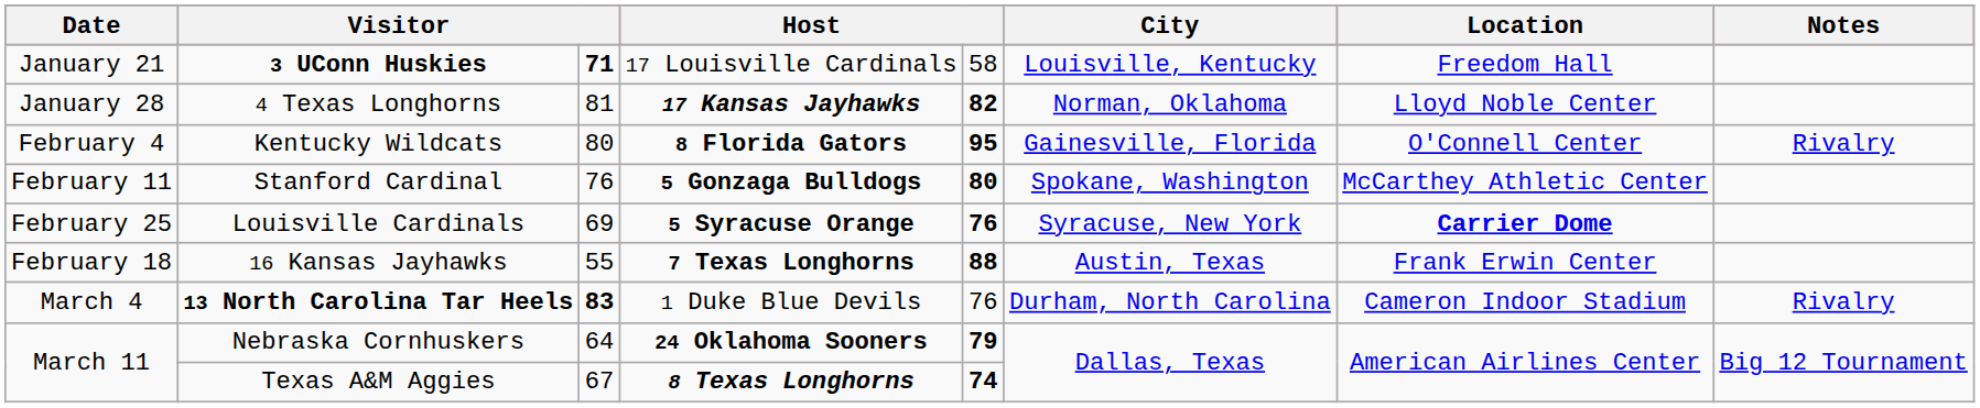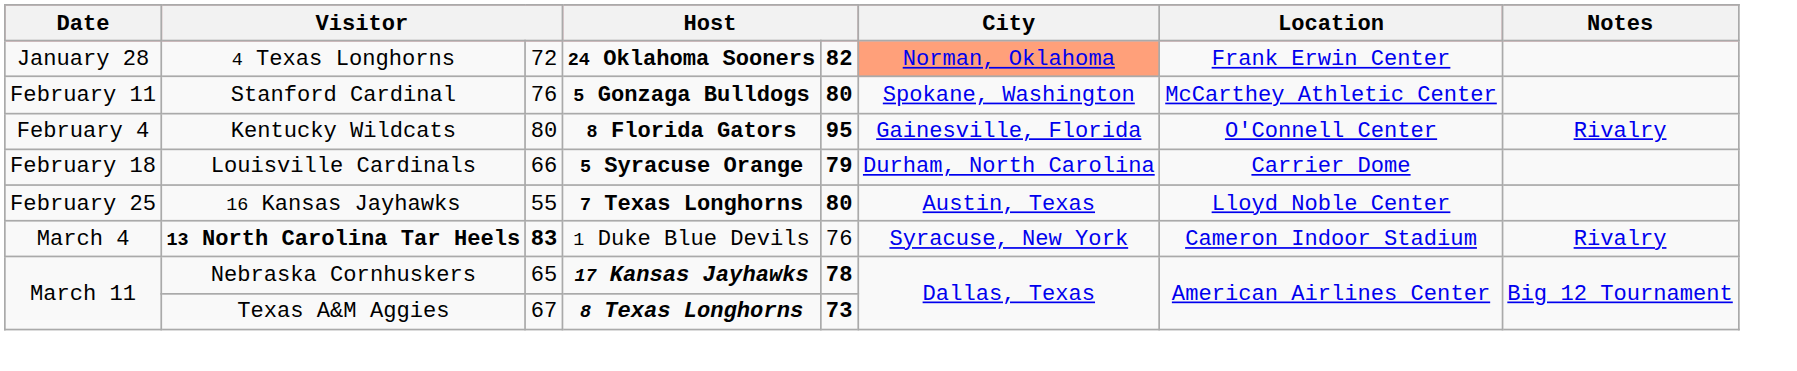 <table class="wikitable" style="text-align:center">
 <tr style="background:#A32638;"|>
 <th>Date</th>
 <th colspan=2>Visitor</th>
 <th colspan=2>Host</th>
 <th>City</th>
 <th>Location</th>
 <th>Notes</th>
 </tr>
 <tr>
-<td>January 21</td>
-<td><strong><small>3</small> UConn Huskies</strong></td>
-<td><strong>71</strong></td>
-<td><small>17</small> Louisville Cardinals</td>
-<td>58</td>
-<td><a href='#'>Louisville, Kentucky</a></td>
-<td><a href='#'>Freedom Hall</a></td>
+<td>January 28</td>
+<td><small>4</small> Texas Longhorns</td>
+<td>72</td>
+<td><strong><small>24</small> Oklahoma Sooners</strong></td>
+<td><strong>82</strong></td>
+<td style="background: lightsalmon;"><a href='#'>Norman, Oklahoma</a></td>
+<td><a href='#'>Frank Erwin Center</a></td>
 <td></td>
 </tr>
 <tr>
-<td>January 28</td>
-<td><small>4</small> Texas Longhorns</td>
-<td>81</td>
-<td><strong><em><small>17</small> Kansas Jayhawks</em></strong></td>
-<td><strong>82</strong></td>
-<td><a href='#'>Norman, Oklahoma</a></td>
-<td><a href='#'>Lloyd Noble Center</a></td>
+<td>February 11</td>
+<td>Stanford Cardinal</td>
+<td>76</td>
+<td><strong><small>5</small> Gonzaga Bulldogs</strong></td>
+<td><strong>80</strong></td>
+<td><a href='#'>Spokane, Washington</a></td>
+<td><a href='#'>McCarthey Athletic Center</a></td>
 <td></td>
 </tr>
 <tr>
 <td>February 4</td>
 <td>Kentucky Wildcats</td>
 <td>80</td>
 <td><strong><small>8</small> Florida Gators</strong></td>
 <td><strong>95</strong></td>
 <td><a href='#'>Gainesville, Florida</a></td>
 <td><a href='#'>O'Connell Center</a></td>
 <td><a href='#'>Rivalry</a></td>
 </tr>
 <tr>
-<td>February 11</td>
-<td>Stanford Cardinal</td>
-<td>76</td>
-<td><strong><small>5</small> Gonzaga Bulldogs</strong></td>
-<td><strong>80</strong></td>
-<td><a href='#'>Spokane, Washington</a></td>
-<td><a href='#'>McCarthey Athletic Center</a></td>
+<td>February 18</td>
+<td>Louisville Cardinals</td>
+<td>66</td>
+<td><strong><small>5</small> Syracuse Orange</strong></td>
+<td><strong>79</strong></td>
+<td><a href='#'>Durham, North Carolina</a></td>
+<td><a href='#'>Carrier Dome</a></td>
 <td></td>
 </tr>
 <tr>
 <td>February 25</td>
-<td>Louisville Cardinals</td>
-<td>69</td>
-<td><strong><small>5</small> Syracuse Orange</strong></td>
-<td><strong>76</strong></td>
-<td><a href='#'>Syracuse, New York</a></td>
-<td><strong><a href='#'>Carrier Dome</a></strong></td>
-<td></td>
-</tr>
-<tr>
-<td>February 18</td>
 <td><small>16</small> Kansas Jayhawks</td>
 <td>55</td>
 <td><strong><small>7</small> Texas Longhorns</strong></td>
-<td><strong>88</strong></td>
+<td><strong>80</strong></td>
 <td><a href='#'>Austin, Texas</a></td>
-<td><a href='#'>Frank Erwin Center</a></td>
+<td><a href='#'>Lloyd Noble Center</a></td>
 <td></td>
 </tr>
 <tr>
 <td>March 4</td>
 <td><strong><small>13</small> North Carolina Tar Heels</strong></td>
 <td><strong>83</strong></td>
 <td><small>1</small> Duke Blue Devils</td>
 <td>76</td>
-<td><a href='#'>Durham, North Carolina</a></td>
+<td><a href='#'>Syracuse, New York</a></td>
 <td><a href='#'>Cameron Indoor Stadium</a></td>
 <td><a href='#'>Rivalry</a></td>
 </tr>
 <tr>
 <td rowspan="2">March 11</td>
 <td>Nebraska Cornhuskers</td>
-<td>64</td>
-<td><strong><small>24</small> Oklahoma Sooners</strong></td>
-<td><strong>79</strong></td>
+<td>65</td>
+<td><strong><em><small>17</small> Kansas Jayhawks</em></strong></td>
+<td><strong>78</strong></td>
 <td rowspan="2"><a href='#'>Dallas, Texas</a></td>
 <td rowspan="2"><a href='#'>American Airlines Center</a></td>
 <td rowspan="2'"><a href='#'>Big 12 Tournament</a></td>
 </tr>
 <tr>
 <td>Texas A&M Aggies</td>
 <td>67</td>
 <td><strong><em><small>8</small> Texas Longhorns</em></strong></td>
-<td><strong>74</strong></td>
+<td><strong>73</strong></td>
 </tr>
 </table>
